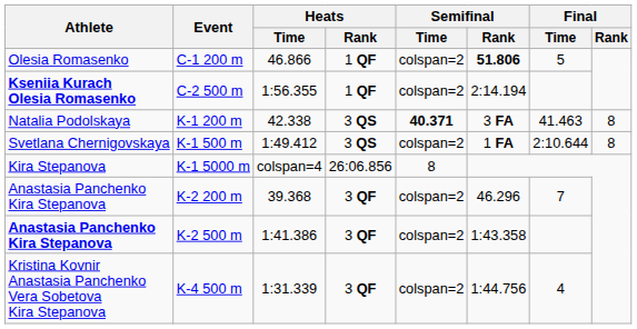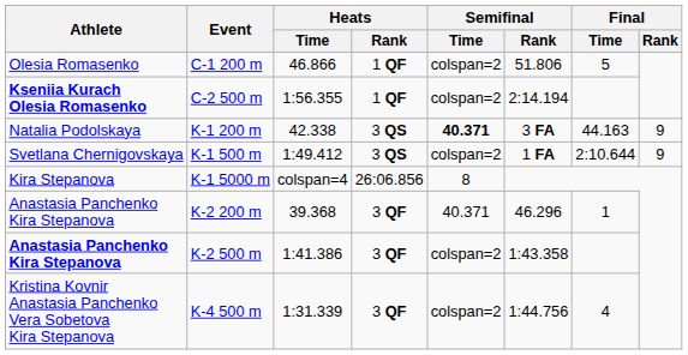 <table class="wikitable" style="text-align:center; font-size:90%">
 <tr>
 <th rowspan=2>Athlete</th>
 <th rowspan=2>Event</th>
 <th colspan=2>Heats</th>
 <th colspan=2>Semifinal</th>
 <th colspan=2>Final</th>
 </tr>
 <tr style="font-size:95%">
 <th>Time</th>
 <th>Rank</th>
 <th>Time</th>
 <th>Rank</th>
 <th>Time</th>
 <th>Rank</th>
 </tr>
 <tr>
 <td align=left><a href='#'>Olesia Romasenko</a></td>
 <td align=left><a href='#'>C-1 200 m</a></td>
 <td>46.866</td>
 <td>1 <strong>QF</strong></td>
 <td>colspan=2 </td>
-<td><strong>51.806</strong></td>
+<td>51.806</td>
 <td>5</td>
 </tr>
 <tr>
 <td align=left><strong><a href='#'>Kseniia Kurach</a><br><a href='#'>Olesia Romasenko</a></strong></td>
 <td align=left><a href='#'>C-2 500 m</a></td>
 <td>1:56.355</td>
 <td>1 <strong>QF</strong></td>
 <td>colspan=2 </td>
 <td>2:14.194</td>
 <td></td>
 </tr>
 <tr>
 <td align=left><a href='#'>Natalia Podolskaya</a></td>
 <td align=left><a href='#'>K-1 200 m</a></td>
 <td>42.338</td>
 <td>3 <strong>QS</strong></td>
 <td><strong>40.371</strong></td>
 <td>3 <strong>FA</strong></td>
-<td>41.463</td>
-<td>8</td>
+<td>44.163</td>
+<td>9</td>
 </tr>
 <tr>
 <td align=left><a href='#'>Svetlana Chernigovskaya</a></td>
 <td align=left><a href='#'>K-1 500 m</a></td>
 <td>1:49.412</td>
 <td>3 <strong>QS</strong></td>
 <td>colspan=2 </td>
 <td>1 <strong>FA</strong></td>
 <td>2:10.644</td>
-<td>8</td>
+<td>9</td>
 </tr>
 <tr>
 <td align=left><a href='#'>Kira Stepanova</a></td>
 <td align=left><a href='#'>K-1 5000 m</a></td>
 <td>colspan=4 </td>
 <td>26:06.856</td>
 <td>8</td>
 </tr>
 <tr>
 <td align=left><a href='#'>Anastasia Panchenko</a><br><a href='#'>Kira Stepanova</a></td>
 <td align=left><a href='#'>K-2 200 m</a></td>
 <td>39.368</td>
 <td>3 <strong>QF</strong></td>
-<td>colspan=2 </td>
+<td>40.371</td>
 <td>46.296</td>
-<td>7</td>
+<td>1</td>
 </tr>
 <tr>
 <td align=left><strong><a href='#'>Anastasia Panchenko</a><br><a href='#'>Kira Stepanova</a></strong></td>
 <td align=left><a href='#'>K-2 500 m</a></td>
 <td>1:41.386</td>
 <td>3 <strong>QF</strong></td>
 <td>colspan=2 </td>
 <td>1:43.358</td>
 <td></td>
 </tr>
 <tr>
 <td align=left><a href='#'>Kristina Kovnir</a><br><a href='#'>Anastasia Panchenko</a><br><a href='#'>Vera Sobetova</a><br><a href='#'>Kira Stepanova</a></td>
 <td align=left><a href='#'>K-4 500 m</a></td>
 <td>1:31.339</td>
 <td>3 <strong>QF</strong></td>
 <td>colspan=2 </td>
 <td>1:44.756</td>
 <td>4</td>
 </tr>
 </table>
